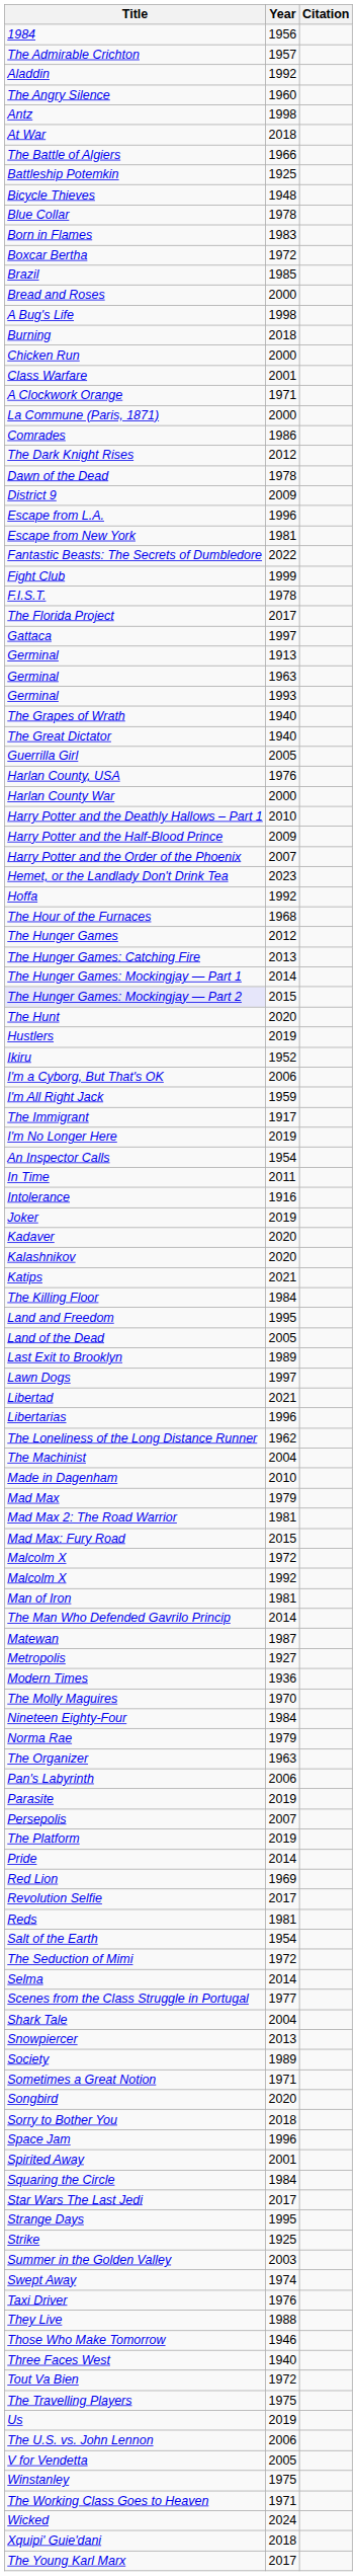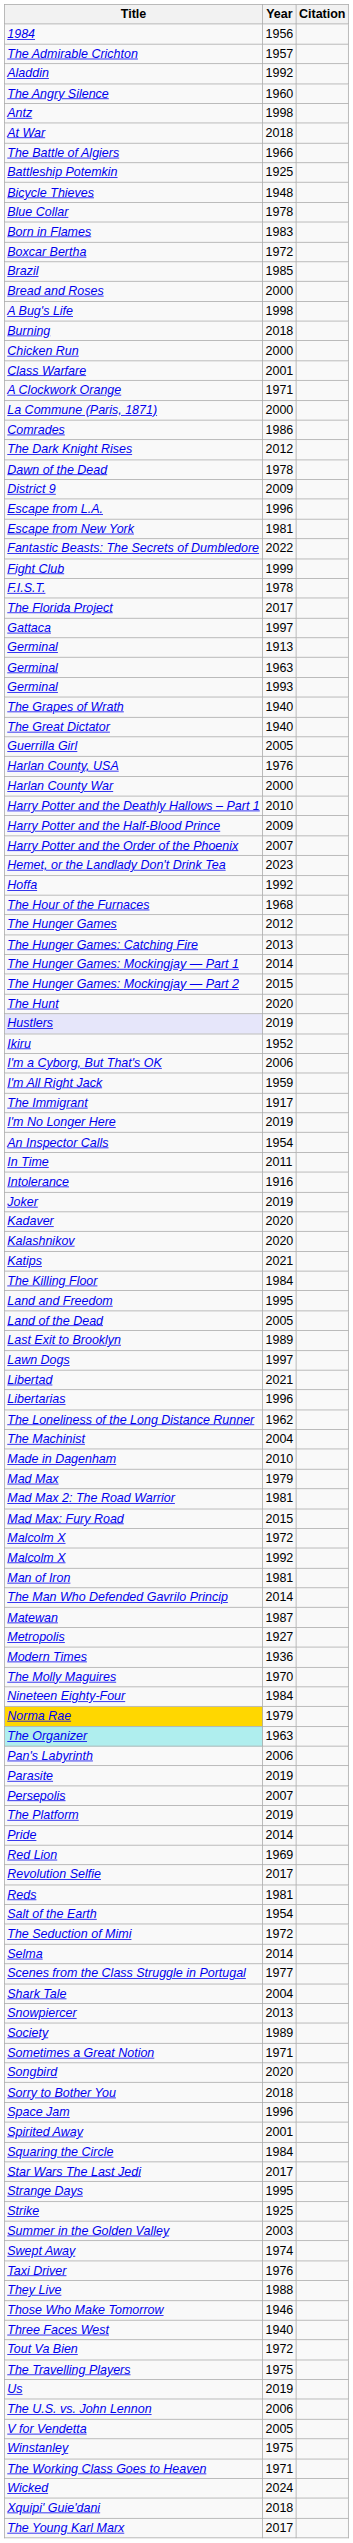 <table class="wikitable sortable">
 <tr>
 <th>Title</th>
 <th>Year</th>
 <th>Citation</th>
 </tr>
 <tr>
 <td><em><a href='#'>1984</a></em></td>
 <td>1956</td>
 <td></td>
 </tr>
 <tr>
 <td><em><a href='#'>The Admirable Crichton</a></em></td>
 <td>1957</td>
 <td></td>
 </tr>
 <tr>
 <td><em><a href='#'>Aladdin</a></em></td>
 <td>1992</td>
 <td></td>
 </tr>
 <tr>
 <td><em><a href='#'>The Angry Silence</a></em></td>
 <td>1960</td>
 <td></td>
 </tr>
 <tr>
 <td><em><a href='#'>Antz</a></em></td>
 <td>1998</td>
 <td></td>
 </tr>
 <tr>
 <td><em><a href='#'>At War</a></em></td>
 <td>2018</td>
 <td></td>
 </tr>
 <tr>
 <td><em><a href='#'>The Battle of Algiers</a></em></td>
 <td>1966</td>
 <td></td>
 </tr>
 <tr>
 <td><em><a href='#'>Battleship Potemkin</a></em></td>
 <td>1925</td>
 <td></td>
 </tr>
 <tr>
 <td><em><a href='#'>Bicycle Thieves</a></em></td>
 <td>1948</td>
 <td></td>
 </tr>
 <tr>
 <td><em><a href='#'>Blue Collar</a></em></td>
 <td>1978</td>
 <td></td>
 </tr>
 <tr>
 <td><em><a href='#'>Born in Flames</a></em></td>
 <td>1983</td>
 <td></td>
 </tr>
 <tr>
 <td><em><a href='#'>Boxcar Bertha</a></em></td>
 <td>1972</td>
 <td></td>
 </tr>
 <tr>
 <td><em><a href='#'>Brazil</a></em></td>
 <td>1985</td>
 <td></td>
 </tr>
 <tr>
 <td><em><a href='#'>Bread and Roses</a></em></td>
 <td>2000</td>
 <td></td>
 </tr>
 <tr>
 <td><em><a href='#'>A Bug's Life</a></em></td>
 <td>1998</td>
 <td></td>
 </tr>
 <tr>
 <td><em><a href='#'>Burning</a></em></td>
 <td>2018</td>
 <td></td>
 </tr>
 <tr>
 <td><em><a href='#'>Chicken Run</a></em></td>
 <td>2000</td>
 <td></td>
 </tr>
 <tr>
 <td><a href='#'><em>Class Warfare</em></a></td>
 <td>2001</td>
 <td></td>
 </tr>
 <tr>
 <td><em><a href='#'>A Clockwork Orange</a></em></td>
 <td>1971</td>
 <td></td>
 </tr>
 <tr>
 <td><em><a href='#'>La Commune (Paris, 1871)</a></em></td>
 <td>2000</td>
 <td></td>
 </tr>
 <tr>
 <td><em><a href='#'>Comrades</a></em></td>
 <td>1986</td>
 <td></td>
 </tr>
 <tr>
 <td><em><a href='#'>The Dark Knight Rises</a></em></td>
 <td>2012</td>
 <td></td>
 </tr>
 <tr>
 <td><em><a href='#'>Dawn of the Dead</a></em></td>
 <td>1978</td>
 <td></td>
 </tr>
 <tr>
 <td><em><a href='#'>District 9</a></em></td>
 <td>2009</td>
 <td></td>
 </tr>
 <tr>
 <td><em><a href='#'>Escape from L.A.</a></em></td>
 <td>1996</td>
 <td></td>
 </tr>
 <tr>
 <td><em><a href='#'>Escape from New York</a></em></td>
 <td>1981</td>
 <td></td>
 </tr>
 <tr>
 <td><em><a href='#'>Fantastic Beasts: The Secrets of Dumbledore</a></em></td>
 <td>2022</td>
 <td></td>
 </tr>
 <tr>
 <td><em><a href='#'>Fight Club</a></em></td>
 <td>1999</td>
 <td></td>
 </tr>
 <tr>
 <td><em><a href='#'>F.I.S.T.</a></em></td>
 <td>1978</td>
 <td></td>
 </tr>
 <tr>
 <td><em><a href='#'>The Florida Project</a></em></td>
 <td>2017</td>
 <td></td>
 </tr>
 <tr>
 <td><em><a href='#'>Gattaca</a></em></td>
 <td>1997</td>
 <td></td>
 </tr>
 <tr>
 <td><em><a href='#'>Germinal</a></em></td>
 <td>1913</td>
 <td></td>
 </tr>
 <tr>
 <td><em><a href='#'>Germinal</a></em></td>
 <td>1963</td>
 <td></td>
 </tr>
 <tr>
 <td><em><a href='#'>Germinal</a></em></td>
 <td>1993</td>
 <td></td>
 </tr>
 <tr>
 <td><em><a href='#'>The Grapes of Wrath</a></em></td>
 <td>1940</td>
 <td></td>
 </tr>
 <tr>
 <td><em><a href='#'>The Great Dictator</a></em></td>
 <td>1940</td>
 <td></td>
 </tr>
 <tr>
 <td><em><a href='#'>Guerrilla Girl</a></em></td>
 <td>2005</td>
 <td></td>
 </tr>
 <tr>
 <td><em><a href='#'>Harlan County, USA</a></em></td>
 <td>1976</td>
 <td></td>
 </tr>
 <tr>
 <td><em><a href='#'>Harlan County War</a></em></td>
 <td>2000</td>
 <td></td>
 </tr>
 <tr>
 <td><em><a href='#'>Harry Potter and the Deathly Hallows – Part 1</a></em></td>
 <td>2010</td>
 <td></td>
 </tr>
 <tr>
 <td><em><a href='#'>Harry Potter and the Half-Blood Prince</a></em></td>
 <td>2009</td>
 <td></td>
 </tr>
 <tr>
 <td><em><a href='#'>Harry Potter and the Order of the Phoenix</a></em></td>
 <td>2007</td>
 <td></td>
 </tr>
 <tr>
 <td><em><a href='#'>Hemet, or the Landlady Don't Drink Tea</a></em></td>
 <td>2023</td>
 <td></td>
 </tr>
 <tr>
 <td><em><a href='#'>Hoffa</a></em></td>
 <td>1992</td>
 <td></td>
 </tr>
 <tr>
 <td><em><a href='#'>The Hour of the Furnaces</a></em></td>
 <td>1968</td>
 <td></td>
 </tr>
 <tr>
 <td><em><a href='#'>The Hunger Games</a></em></td>
 <td>2012</td>
 <td></td>
 </tr>
 <tr>
 <td><em><a href='#'>The Hunger Games: Catching Fire</a></em></td>
 <td>2013</td>
 <td></td>
 </tr>
 <tr>
 <td><em><a href='#'>The Hunger Games: Mockingjay — Part 1</a></em></td>
 <td>2014</td>
 <td></td>
 </tr>
 <tr>
-<td style="background: lavender;"><em><a href='#'>The Hunger Games: Mockingjay — Part 2</a></em></td>
+<td><em><a href='#'>The Hunger Games: Mockingjay — Part 2</a></em></td>
 <td>2015</td>
 <td></td>
 </tr>
 <tr>
 <td><em><a href='#'>The Hunt</a></em></td>
 <td>2020</td>
 <td></td>
 </tr>
 <tr>
-<td><em><a href='#'>Hustlers</a></em></td>
+<td style="background: lavender;"><em><a href='#'>Hustlers</a></em></td>
 <td>2019</td>
 <td></td>
 </tr>
 <tr>
 <td><em><a href='#'>Ikiru</a></em></td>
 <td>1952</td>
 <td></td>
 </tr>
 <tr>
 <td><em><a href='#'>I'm a Cyborg, But That's OK</a></em></td>
 <td>2006</td>
 <td></td>
 </tr>
 <tr>
 <td><em><a href='#'>I'm All Right Jack</a></em></td>
 <td>1959</td>
 <td></td>
 </tr>
 <tr>
 <td><em><a href='#'>The Immigrant</a></em></td>
 <td>1917</td>
 <td></td>
 </tr>
 <tr>
 <td><em><a href='#'>I'm No Longer Here</a></em></td>
 <td>2019</td>
 <td></td>
 </tr>
 <tr>
 <td><em><a href='#'>An Inspector Calls</a></em></td>
 <td>1954</td>
 <td></td>
 </tr>
 <tr>
 <td><em><a href='#'>In Time </a></em></td>
 <td>2011</td>
 <td></td>
 </tr>
 <tr>
 <td><em><a href='#'>Intolerance</a></em></td>
 <td>1916</td>
 <td></td>
 </tr>
 <tr>
 <td><em><a href='#'>Joker</a></em></td>
 <td>2019</td>
 <td></td>
 </tr>
 <tr>
 <td><em><a href='#'>Kadaver</a></em></td>
 <td>2020</td>
 <td></td>
 </tr>
 <tr>
 <td><em><a href='#'>Kalashnikov</a></em></td>
 <td>2020</td>
 <td></td>
 </tr>
 <tr>
 <td><em><a href='#'>Katips</a></em></td>
 <td>2021</td>
 <td></td>
 </tr>
 <tr>
 <td><em><a href='#'>The Killing Floor</a></em></td>
 <td>1984</td>
 <td></td>
 </tr>
 <tr>
 <td><em><a href='#'>Land and Freedom</a></em></td>
 <td>1995</td>
 <td></td>
 </tr>
 <tr>
 <td><em><a href='#'>Land of the Dead</a></em></td>
 <td>2005</td>
 <td></td>
 </tr>
 <tr>
 <td><em><a href='#'>Last Exit to Brooklyn</a></em></td>
 <td>1989</td>
 <td></td>
 </tr>
 <tr>
 <td><em><a href='#'>Lawn Dogs</a></em></td>
 <td>1997</td>
 <td></td>
 </tr>
 <tr>
 <td><em><a href='#'>Libertad</a></em></td>
 <td>2021</td>
 <td></td>
 </tr>
 <tr>
 <td><em><a href='#'>Libertarias</a></em></td>
 <td>1996</td>
 <td></td>
 </tr>
 <tr>
 <td><em><a href='#'>The Loneliness of the Long Distance Runner</a></em></td>
 <td>1962</td>
 <td></td>
 </tr>
 <tr>
 <td><em><a href='#'>The Machinist</a></em></td>
 <td>2004</td>
 <td></td>
 </tr>
 <tr>
 <td><em><a href='#'>Made in Dagenham</a></em></td>
 <td>2010</td>
 <td></td>
 </tr>
 <tr>
 <td><em><a href='#'>Mad Max</a></em></td>
 <td>1979</td>
 <td></td>
 </tr>
 <tr>
 <td><em><a href='#'>Mad Max 2: The Road Warrior</a></em></td>
 <td>1981</td>
 <td></td>
 </tr>
 <tr>
 <td><em><a href='#'>Mad Max: Fury Road</a></em></td>
 <td>2015</td>
 <td></td>
 </tr>
 <tr>
 <td><em><a href='#'>Malcolm X</a></em></td>
 <td>1972</td>
 <td></td>
 </tr>
 <tr>
 <td><em><a href='#'>Malcolm X</a></em></td>
 <td>1992</td>
 <td></td>
 </tr>
 <tr>
 <td><em><a href='#'>Man of Iron</a></em></td>
 <td>1981</td>
 <td></td>
 </tr>
 <tr>
 <td><em><a href='#'>The Man Who Defended Gavrilo Princip</a></em></td>
 <td>2014</td>
 <td></td>
 </tr>
 <tr>
 <td><em><a href='#'>Matewan</a></em></td>
 <td>1987</td>
 <td></td>
 </tr>
 <tr>
 <td><em><a href='#'>Metropolis</a></em></td>
 <td>1927</td>
 <td></td>
 </tr>
 <tr>
 <td><em><a href='#'>Modern Times</a></em></td>
 <td>1936</td>
 <td></td>
 </tr>
 <tr>
 <td><em><a href='#'>The Molly Maguires</a></em></td>
 <td>1970</td>
 <td></td>
 </tr>
 <tr>
 <td><em><a href='#'>Nineteen Eighty-Four</a></em></td>
 <td>1984</td>
 <td></td>
 </tr>
 <tr>
-<td><em><a href='#'>Norma Rae</a></em></td>
+<td style="background: gold;"><em><a href='#'>Norma Rae</a></em></td>
 <td>1979</td>
 <td></td>
 </tr>
 <tr>
-<td><em><a href='#'>The Organizer</a></em></td>
+<td style="background: paleturquoise;"><em><a href='#'>The Organizer</a></em></td>
 <td>1963</td>
 <td></td>
 </tr>
 <tr>
 <td><em><a href='#'>Pan's Labyrinth</a></em></td>
 <td>2006</td>
 <td></td>
 </tr>
 <tr>
 <td><em><a href='#'>Parasite</a></em></td>
 <td>2019</td>
 <td></td>
 </tr>
 <tr>
 <td><em><a href='#'>Persepolis</a></em></td>
 <td>2007</td>
 <td></td>
 </tr>
 <tr>
 <td><em><a href='#'>The Platform</a></em></td>
 <td>2019</td>
 <td></td>
 </tr>
 <tr>
 <td><em><a href='#'>Pride</a></em></td>
 <td>2014</td>
 <td></td>
 </tr>
 <tr>
 <td><em><a href='#'>Red Lion</a></em></td>
 <td>1969</td>
 <td></td>
 </tr>
 <tr>
 <td><em><a href='#'>Revolution Selfie</a></em></td>
 <td>2017</td>
 <td></td>
 </tr>
 <tr>
 <td><em><a href='#'>Reds</a></em></td>
 <td>1981</td>
 <td></td>
 </tr>
 <tr>
 <td><em><a href='#'>Salt of the Earth</a></em></td>
 <td>1954</td>
 <td></td>
 </tr>
 <tr>
 <td><em><a href='#'>The Seduction of Mimi</a></em></td>
 <td>1972</td>
 <td></td>
 </tr>
 <tr>
 <td><em><a href='#'>Selma</a></em></td>
 <td>2014</td>
 <td></td>
 </tr>
 <tr>
 <td><em><a href='#'>Scenes from the Class Struggle in Portugal</a></em></td>
 <td>1977</td>
 <td></td>
 </tr>
 <tr>
 <td><em><a href='#'>Shark Tale</a></em></td>
 <td>2004</td>
 <td></td>
 </tr>
 <tr>
 <td><em><a href='#'>Snowpiercer</a></em></td>
 <td>2013</td>
 <td></td>
 </tr>
 <tr>
 <td><em><a href='#'>Society</a></em></td>
 <td>1989</td>
 <td></td>
 </tr>
 <tr>
 <td><em><a href='#'>Sometimes a Great Notion</a></em></td>
 <td>1971</td>
 <td></td>
 </tr>
 <tr>
 <td><em><a href='#'>Songbird</a></em></td>
 <td>2020</td>
 <td></td>
 </tr>
 <tr>
 <td><em><a href='#'>Sorry to Bother You</a></em></td>
 <td>2018</td>
 <td></td>
 </tr>
 <tr>
 <td><em><a href='#'>Space Jam</a></em></td>
 <td>1996</td>
 <td></td>
 </tr>
 <tr>
 <td><em><a href='#'>Spirited Away</a></em></td>
 <td>2001</td>
 <td></td>
 </tr>
 <tr>
 <td><em><a href='#'>Squaring the Circle</a></em></td>
 <td>1984</td>
 <td></td>
 </tr>
 <tr>
 <td><em><a href='#'>Star Wars The Last Jedi</a></em></td>
 <td>2017</td>
 <td></td>
 </tr>
 <tr>
 <td><em><a href='#'>Strange Days</a></em></td>
 <td>1995</td>
 <td></td>
 </tr>
 <tr>
 <td><em><a href='#'>Strike</a></em></td>
 <td>1925</td>
 <td></td>
 </tr>
 <tr>
 <td><em><a href='#'>Summer in the Golden Valley</a></em></td>
 <td>2003</td>
 <td></td>
 </tr>
 <tr>
 <td><em><a href='#'>Swept Away</a></em></td>
 <td>1974</td>
 <td></td>
 </tr>
 <tr>
 <td><em><a href='#'>Taxi Driver</a></em></td>
 <td>1976</td>
 <td></td>
 </tr>
 <tr>
 <td><em><a href='#'>They Live</a></em></td>
 <td>1988</td>
 <td></td>
 </tr>
 <tr>
 <td><em><a href='#'>Those Who Make Tomorrow</a></em></td>
 <td>1946</td>
 <td></td>
 </tr>
 <tr>
 <td><em><a href='#'>Three Faces West</a></em></td>
 <td>1940</td>
 <td></td>
 </tr>
 <tr>
 <td><em><a href='#'>Tout Va Bien</a></em></td>
 <td>1972</td>
 <td></td>
 </tr>
 <tr>
 <td><em><a href='#'>The Travelling Players</a></em></td>
 <td>1975</td>
 <td></td>
 </tr>
 <tr>
 <td><em><a href='#'>Us</a></em></td>
 <td>2019</td>
 <td></td>
 </tr>
 <tr>
 <td><em><a href='#'>The U.S. vs. John Lennon</a></em></td>
 <td>2006</td>
 <td></td>
 </tr>
 <tr>
 <td><em><a href='#'>V for Vendetta</a></em></td>
 <td>2005</td>
 <td></td>
 </tr>
 <tr>
 <td><em><a href='#'>Winstanley</a></em></td>
 <td>1975</td>
 <td></td>
 </tr>
 <tr>
 <td><em><a href='#'>The Working Class Goes to Heaven</a></em></td>
 <td>1971</td>
 <td></td>
 </tr>
 <tr>
 <td><em><a href='#'>Wicked</a></em></td>
 <td>2024</td>
 <td></td>
 </tr>
 <tr>
 <td><em><a href='#'>Xquipi' Guie'dani</a></em></td>
 <td>2018</td>
 <td></td>
 </tr>
 <tr>
 <td><em><a href='#'>The Young Karl Marx</a></em></td>
 <td>2017</td>
 <td></td>
 </tr>
 </table>
